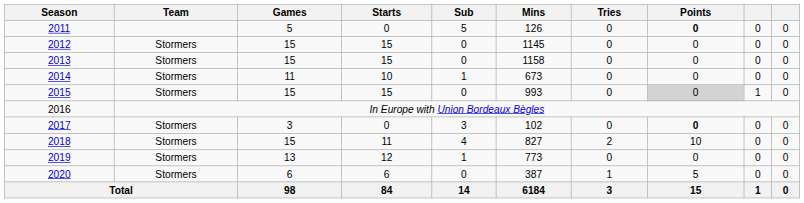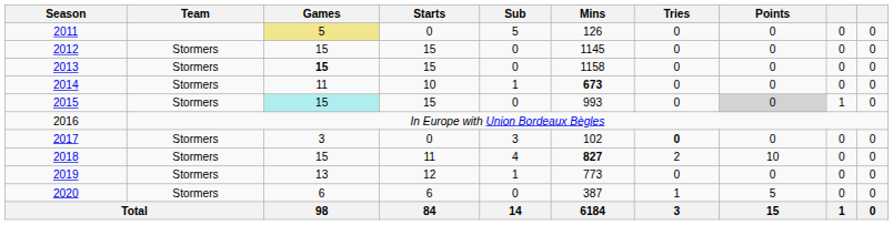 <table class="wikitable" style="text-align:center; font-size:95%; width:75%;">
 <tr>
 <th>Season</th>
 <th>Team</th>
 <th>Games</th>
 <th>Starts</th>
 <th>Sub</th>
 <th>Mins</th>
 <th>Tries</th>
 <th>Points</th>
 <th></th>
 <th></th>
 </tr>
 <tr>
 <td><a href='#'>2011</a></td>
 <td></td>
-<td>5</td>
+<td style="background: khaki;">5</td>
 <td>0</td>
 <td>5</td>
 <td>126</td>
 <td>0</td>
-<td><strong>0</strong></td>
+<td>0</td>
 <td>0</td>
 <td>0</td>
 </tr>
 <tr>
 <td><a href='#'>2012</a></td>
 <td>Stormers</td>
 <td>15</td>
 <td>15</td>
 <td>0</td>
 <td>1145</td>
 <td>0</td>
 <td>0</td>
 <td>0</td>
 <td>0</td>
 </tr>
 <tr>
 <td><a href='#'>2013</a></td>
 <td>Stormers</td>
-<td>15</td>
+<td><strong>15</strong></td>
 <td>15</td>
 <td>0</td>
 <td>1158</td>
 <td>0</td>
 <td>0</td>
 <td>0</td>
 <td>0</td>
 </tr>
 <tr>
 <td><a href='#'>2014</a></td>
 <td>Stormers</td>
 <td>11</td>
 <td>10</td>
 <td>1</td>
-<td>673</td>
+<td><strong>673</strong></td>
 <td>0</td>
 <td>0</td>
 <td>0</td>
 <td>0</td>
 </tr>
 <tr>
 <td><a href='#'>2015</a></td>
 <td>Stormers</td>
-<td>15</td>
+<td style="background: paleturquoise;">15</td>
 <td>15</td>
 <td>0</td>
 <td>993</td>
 <td>0</td>
 <td style="background: lightgrey;">0</td>
 <td>1</td>
 <td>0</td>
 </tr>
 <tr>
 <td>2016</td>
 <td colspan="9"><em>In Europe with <a href='#'>Union Bordeaux Bègles</a></em></td>
 </tr>
 <tr>
 <td><a href='#'>2017</a></td>
 <td>Stormers</td>
 <td>3</td>
 <td>0</td>
 <td>3</td>
 <td>102</td>
+<td><strong>0</strong></td>
 <td>0</td>
-<td><strong>0</strong></td>
 <td>0</td>
 <td>0</td>
 </tr>
 <tr>
 <td><a href='#'>2018</a></td>
 <td>Stormers</td>
 <td>15</td>
 <td>11</td>
 <td>4</td>
-<td>827</td>
+<td><strong>827</strong></td>
 <td>2</td>
 <td>10</td>
 <td>0</td>
 <td>0</td>
 </tr>
 <tr>
 <td><a href='#'>2019</a></td>
 <td>Stormers</td>
 <td>13</td>
 <td>12</td>
 <td>1</td>
 <td>773</td>
 <td>0</td>
 <td>0</td>
 <td>0</td>
 <td>0</td>
 </tr>
 <tr>
 <td><a href='#'>2020</a></td>
 <td>Stormers</td>
 <td>6</td>
 <td>6</td>
 <td>0</td>
 <td>387</td>
 <td>1</td>
 <td>5</td>
 <td>0</td>
 <td>0</td>
 </tr>
 <tr>
 <th colspan="2">Total</th>
 <th>98</th>
 <th>84</th>
 <th>14</th>
 <th>6184</th>
 <th>3</th>
 <th>15</th>
 <th>1</th>
 <th>0</th>
 </tr>
 </table>
